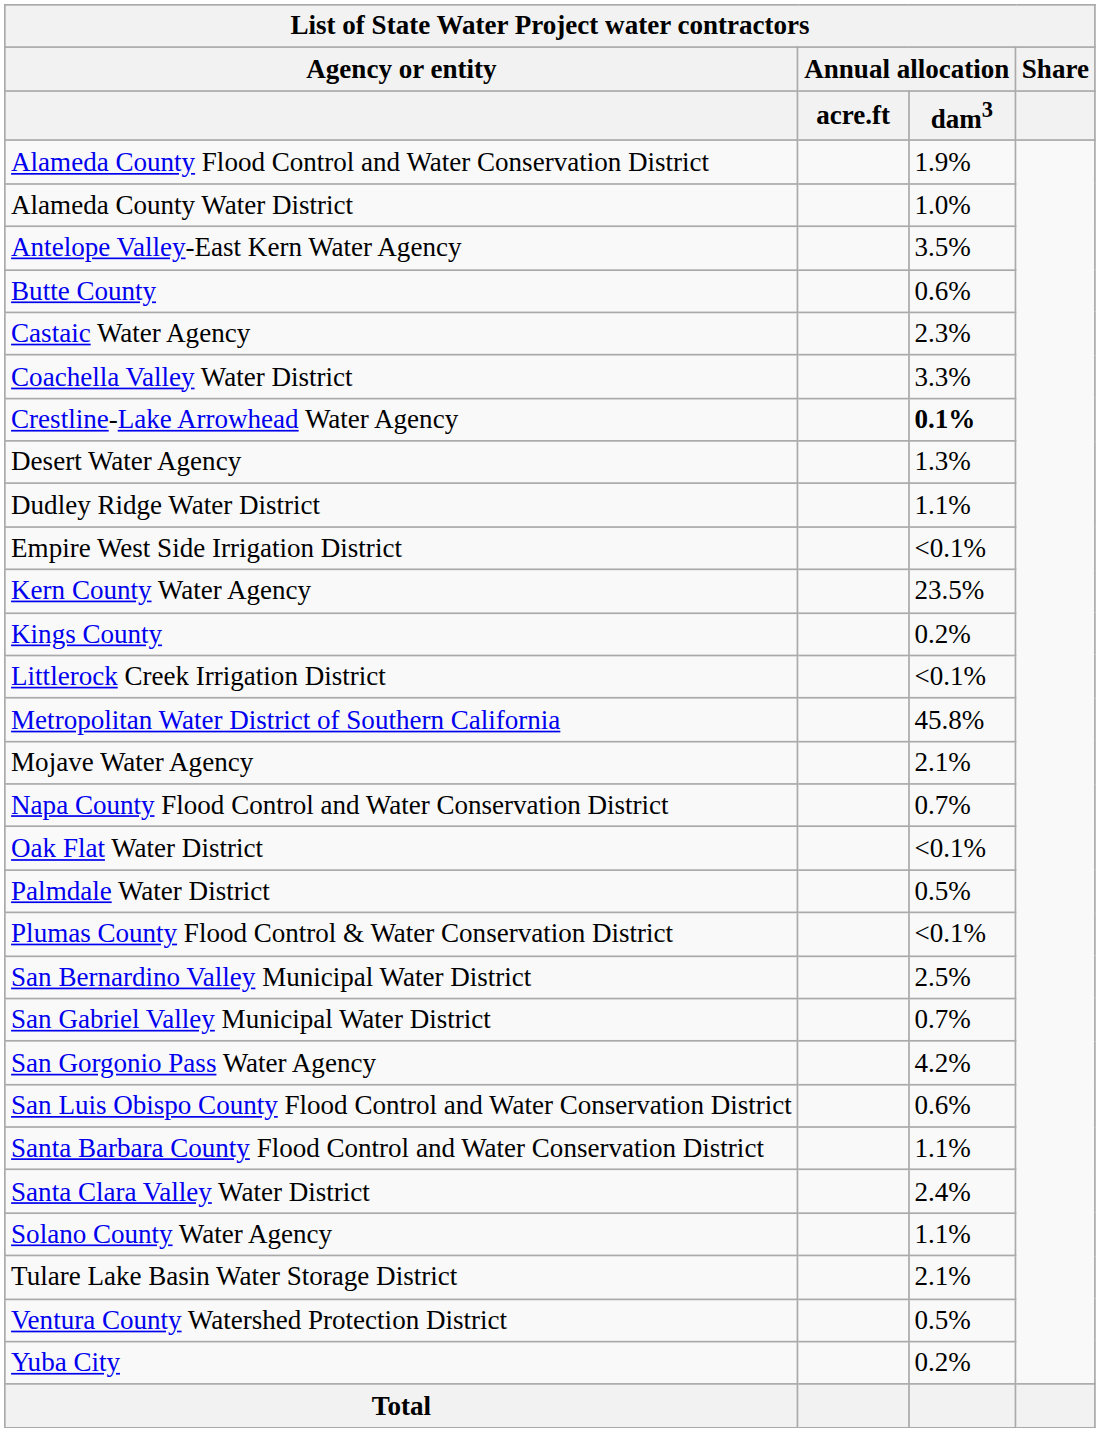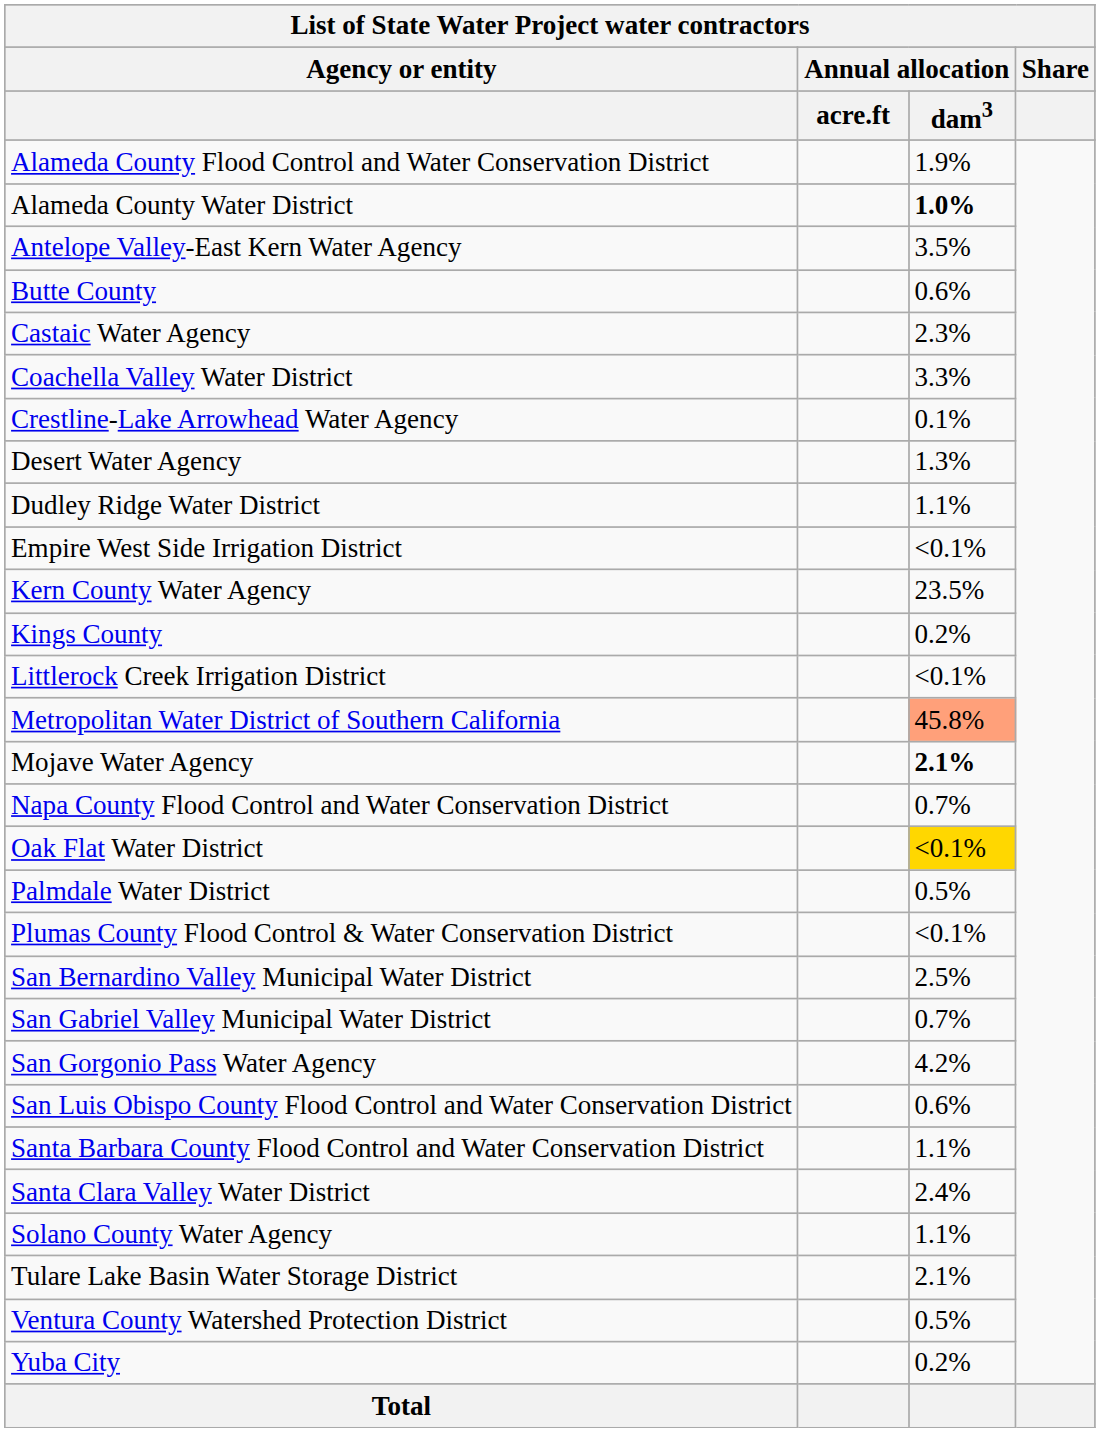 <table class="wikitable sortable">
 <tr>
 <th colspan="4">List of State Water Project water contractors</th>
 </tr>
 <tr>
 <th>Agency or entity</th>
 <th colspan="2">Annual allocation</th>
 <th>Share</th>
 </tr>
 <tr>
 <th></th>
 <th>acre.ft</th>
 <th>dam<sup>3</sup></th>
 <th></th>
 </tr>
 <tr>
 <td><a href='#'>Alameda County</a> Flood Control and Water Conservation District</td>
 <td></td>
 <td>1.9%</td>
 </tr>
 <tr>
 <td>Alameda County Water District</td>
 <td></td>
-<td>1.0%</td>
+<td><strong>1.0%</strong></td>
 </tr>
 <tr>
 <td><a href='#'>Antelope Valley</a>-East Kern Water Agency</td>
 <td></td>
 <td>3.5%</td>
 </tr>
 <tr>
 <td><a href='#'>Butte County</a></td>
 <td></td>
 <td>0.6%</td>
 </tr>
 <tr>
 <td><a href='#'>Castaic</a> Water Agency</td>
 <td></td>
 <td>2.3%</td>
 </tr>
 <tr>
 <td><a href='#'>Coachella Valley</a> Water District</td>
 <td></td>
 <td>3.3%</td>
 </tr>
 <tr>
 <td><a href='#'>Crestline</a>-<a href='#'>Lake Arrowhead</a> Water Agency</td>
 <td></td>
-<td><strong>0.1%</strong></td>
+<td>0.1%</td>
 </tr>
 <tr>
 <td>Desert Water Agency</td>
 <td></td>
 <td>1.3%</td>
 </tr>
 <tr>
 <td>Dudley Ridge Water District</td>
 <td></td>
 <td>1.1%</td>
 </tr>
 <tr>
 <td>Empire West Side Irrigation District</td>
 <td></td>
 <td><0.1%</td>
 </tr>
 <tr>
 <td><a href='#'>Kern County</a> Water Agency</td>
 <td></td>
 <td>23.5%</td>
 </tr>
 <tr>
 <td><a href='#'>Kings County</a></td>
 <td></td>
 <td>0.2%</td>
 </tr>
 <tr>
 <td><a href='#'>Littlerock</a> Creek Irrigation District</td>
 <td></td>
 <td><0.1%</td>
 </tr>
 <tr>
 <td><a href='#'>Metropolitan Water District of Southern California</a></td>
 <td></td>
-<td>45.8%</td>
+<td style="background: lightsalmon;">45.8%</td>
 </tr>
 <tr>
 <td>Mojave Water Agency</td>
 <td></td>
-<td>2.1%</td>
+<td><strong>2.1%</strong></td>
 </tr>
 <tr>
 <td><a href='#'>Napa County</a> Flood Control and Water Conservation District</td>
 <td></td>
 <td>0.7%</td>
 </tr>
 <tr>
 <td><a href='#'>Oak Flat</a> Water District</td>
 <td></td>
-<td><0.1%</td>
+<td style="background: gold;"><0.1%</td>
 </tr>
 <tr>
 <td><a href='#'>Palmdale</a> Water District</td>
 <td></td>
 <td>0.5%</td>
 </tr>
 <tr>
 <td><a href='#'>Plumas County</a> Flood Control & Water Conservation District</td>
 <td></td>
 <td><0.1%</td>
 </tr>
 <tr>
 <td><a href='#'>San Bernardino Valley</a> Municipal Water District</td>
 <td></td>
 <td>2.5%</td>
 </tr>
 <tr>
 <td><a href='#'>San Gabriel Valley</a> Municipal Water District</td>
 <td></td>
 <td>0.7%</td>
 </tr>
 <tr>
 <td><a href='#'>San Gorgonio Pass</a> Water Agency</td>
 <td></td>
 <td>4.2%</td>
 </tr>
 <tr>
 <td><a href='#'>San Luis Obispo County</a> Flood Control and Water Conservation District</td>
 <td></td>
 <td>0.6%</td>
 </tr>
 <tr>
 <td><a href='#'>Santa Barbara County</a> Flood Control and Water Conservation District</td>
 <td></td>
 <td>1.1%</td>
 </tr>
 <tr>
 <td><a href='#'>Santa Clara Valley</a> Water District</td>
 <td></td>
 <td>2.4%</td>
 </tr>
 <tr>
 <td><a href='#'>Solano County</a> Water Agency</td>
 <td></td>
 <td>1.1%</td>
 </tr>
 <tr>
 <td>Tulare Lake Basin Water Storage District</td>
 <td></td>
 <td>2.1%</td>
 </tr>
 <tr>
 <td><a href='#'>Ventura County</a> Watershed Protection District</td>
 <td></td>
 <td>0.5%</td>
 </tr>
 <tr>
 <td><a href='#'>Yuba City</a></td>
 <td></td>
 <td>0.2%</td>
 </tr>
 <tr>
 <th>Total</th>
 <th></th>
 <th></th>
 <th></th>
 </tr>
 </table>
